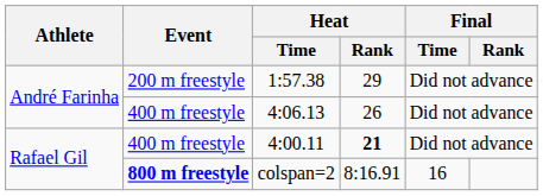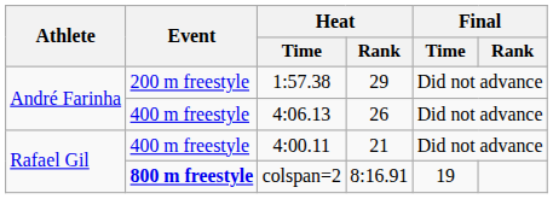 <table class=wikitable style="font-size:90%; text-align:center;">
 <tr>
 <th rowspan=2>Athlete</th>
 <th rowspan=2>Event</th>
 <th colspan=2>Heat</th>
 <th colspan=2>Final</th>
 </tr>
 <tr style="font-size:95%">
 <th>Time</th>
 <th>Rank</th>
 <th>Time</th>
 <th>Rank</th>
 </tr>
 <tr>
 <td align=left rowspan=2><a href='#'>André Farinha</a></td>
 <td align=left><a href='#'>200 m freestyle</a></td>
 <td>1:57.38</td>
 <td>29</td>
 <td colspan=2>Did not advance</td>
 </tr>
 <tr>
 <td align=left><a href='#'>400 m freestyle</a></td>
 <td>4:06.13</td>
 <td>26</td>
 <td colspan=2>Did not advance</td>
 </tr>
 <tr>
 <td align=left rowspan=2><a href='#'>Rafael Gil</a></td>
 <td align=left><a href='#'>400 m freestyle</a></td>
 <td>4:00.11</td>
-<td><strong>21</strong></td>
+<td>21</td>
 <td colspan=2>Did not advance</td>
 </tr>
 <tr>
 <td align=left><strong><a href='#'>800 m freestyle</a></strong></td>
 <td>colspan=2 </td>
 <td>8:16.91</td>
-<td>16</td>
+<td>19</td>
 </tr>
 </table>
